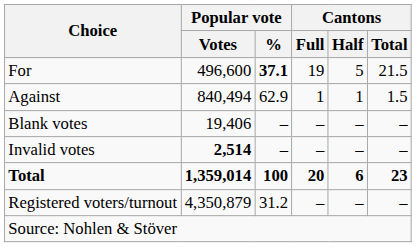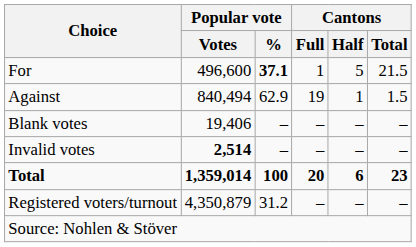 <table class=wikitable style=text-align:right>
 <tr>
 <th rowspan=2>Choice</th>
 <th colspan=2>Popular vote</th>
 <th colspan=3>Cantons</th>
 </tr>
 <tr>
 <th>Votes</th>
 <th>%</th>
 <th>Full</th>
 <th>Half</th>
 <th>Total</th>
 </tr>
 <tr>
 <td align=left>For</td>
 <td>496,600</td>
 <td><strong>37.1</strong></td>
-<td>19</td>
+<td>1</td>
 <td>5</td>
 <td>21.5</td>
 </tr>
 <tr>
 <td align=left>Against</td>
 <td>840,494</td>
 <td>62.9</td>
-<td>1</td>
+<td>19</td>
 <td>1</td>
 <td>1.5</td>
 </tr>
 <tr>
 <td align=left>Blank votes</td>
 <td>19,406</td>
 <td>–</td>
 <td>–</td>
 <td>–</td>
 <td>–</td>
 </tr>
 <tr>
 <td align=left>Invalid votes</td>
 <td><strong>2,514</strong></td>
 <td>–</td>
 <td>–</td>
 <td>–</td>
 <td>–</td>
 </tr>
 <tr>
 <td align=left><strong>Total</strong></td>
 <td><strong>1,359,014</strong></td>
 <td><strong>100</strong></td>
 <td><strong>20</strong></td>
 <td><strong>6</strong></td>
 <td><strong>23</strong></td>
 </tr>
 <tr>
 <td align=left>Registered voters/turnout</td>
 <td>4,350,879</td>
 <td>31.2</td>
 <td>–</td>
 <td>–</td>
 <td>–</td>
 </tr>
 <tr>
 <td align=left colspan=11>Source: Nohlen & Stöver</td>
 </tr>
 </table>
